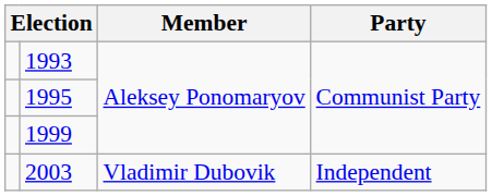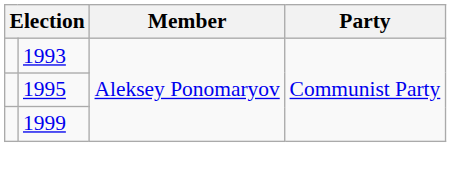 <table class="wikitable">
 <tr>
 <th colspan="2">Election</th>
 <th>Member</th>
 <th>Party</th>
 </tr>
 <tr>
 <td style="background-color:"></td>
 <td><a href='#'>1993</a></td>
 <td rowspan=3><a href='#'>Aleksey Ponomaryov</a></td>
 <td rowspan=3><a href='#'>Communist Party</a></td>
 </tr>
 <tr>
 <td style="background-color:"></td>
 <td><a href='#'>1995</a></td>
 </tr>
 <tr>
 <td style="background-color:"></td>
 <td><a href='#'>1999</a></td>
 </tr>
-<tr>
-<td style="background-color:"></td>
-<td><a href='#'>2003</a></td>
-<td><a href='#'>Vladimir Dubovik</a></td>
-<td><a href='#'>Independent</a></td>
-</tr>
 </table>
